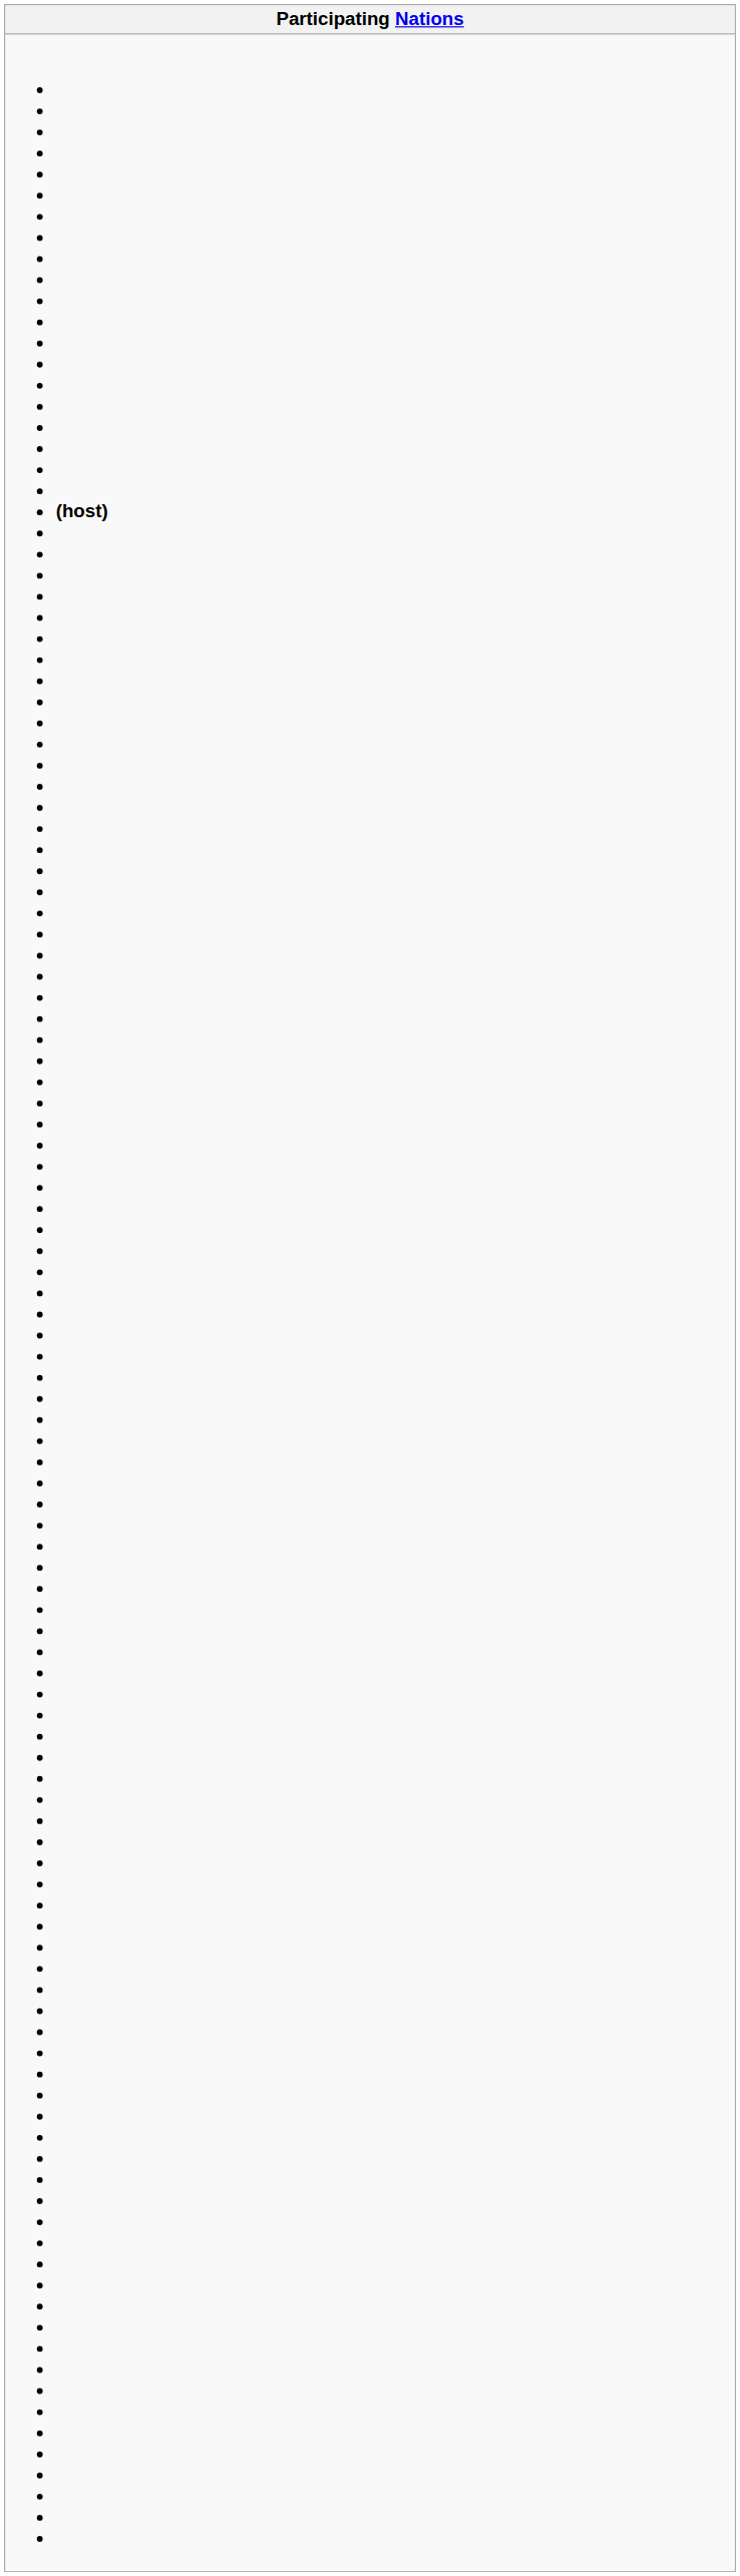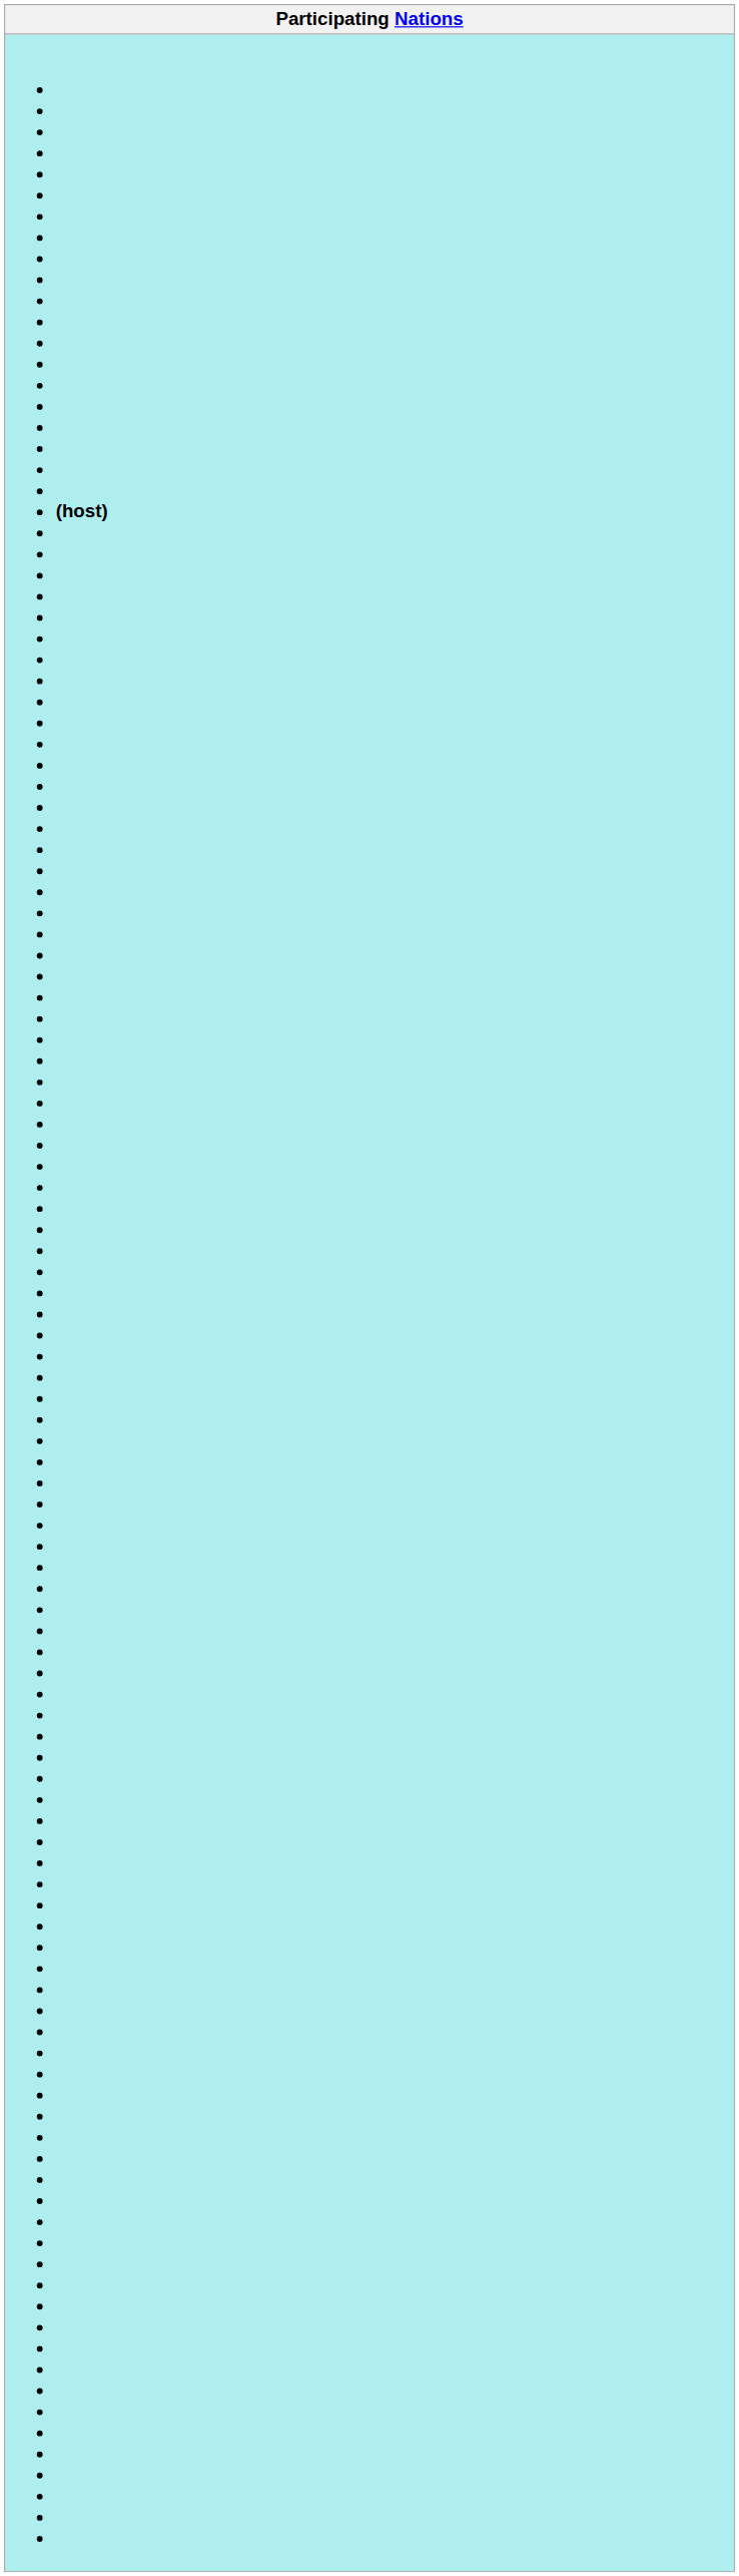 <table class="wikitable collapsible" style="margin:1em auto; width:100%;">
 <tr>
 <th>Participating <a href='#'>Nations</a></th>
 </tr>
 <tr>
-<td><br><ul><li></li><li></li><li></li><li></li><li></li><li></li><li></li><li></li><li></li><li></li><li></li><li></li><li></li><li></li><li></li><li></li><li></li><li></li><li></li><li></li><li> <strong>(host)</strong></li><li></li><li></li><li></li><li></li><li></li><li></li><li></li><li></li><li></li><li></li><li></li><li></li><li></li><li></li><li></li><li></li><li></li><li></li><li></li><li></li><li></li><li></li><li></li><li></li><li></li><li></li><li></li><li></li><li></li><li></li><li></li><li></li><li></li><li></li><li></li><li></li><li></li><li></li><li></li><li></li><li></li><li></li><li></li><li></li><li></li><li></li><li></li><li></li><li></li><li></li><li></li><li></li><li></li><li></li><li></li><li></li><li></li><li></li><li></li><li></li><li></li><li></li><li></li><li></li><li></li><li></li><li></li><li></li><li></li><li></li><li></li><li></li><li></li><li></li><li></li><li></li><li></li><li></li><li></li><li></li><li></li><li></li><li></li><li></li><li></li><li></li><li></li><li></li><li></li><li></li><li></li><li></li><li></li><li></li><li></li><li></li></ul></td>
+<td style="background: paleturquoise;"><br><ul><li></li><li></li><li></li><li></li><li></li><li></li><li></li><li></li><li></li><li></li><li></li><li></li><li></li><li></li><li></li><li></li><li></li><li></li><li></li><li></li><li> <strong>(host)</strong></li><li></li><li></li><li></li><li></li><li></li><li></li><li></li><li></li><li></li><li></li><li></li><li></li><li></li><li></li><li></li><li></li><li></li><li></li><li></li><li></li><li></li><li></li><li></li><li></li><li></li><li></li><li></li><li></li><li></li><li></li><li></li><li></li><li></li><li></li><li></li><li></li><li></li><li></li><li></li><li></li><li></li><li></li><li></li><li></li><li></li><li></li><li></li><li></li><li></li><li></li><li></li><li></li><li></li><li></li><li></li><li></li><li></li><li></li><li></li><li></li><li></li><li></li><li></li><li></li><li></li><li></li><li></li><li></li><li></li><li></li><li></li><li></li><li></li><li></li><li></li><li></li><li></li><li></li><li></li><li></li><li></li><li></li><li></li><li></li><li></li><li></li><li></li><li></li><li></li><li></li><li></li><li></li><li></li><li></li><li></li><li></li></ul></td>
 </tr>
 </table>
